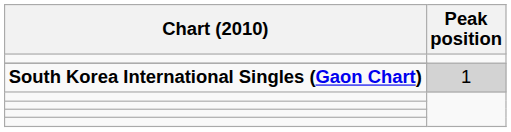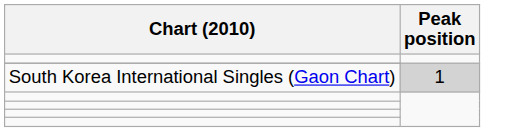 <table class="wikitable sortable">
 <tr>
 <th>Chart (2010)</th>
 <th>Peak<br>position</th>
 </tr>
 <tr>
 <td></td>
 </tr>
 <tr>
 </tr>
 <tr>
 </tr>
 <tr>
-<td><strong>South Korea International Singles (<a href='#'>Gaon Chart</a>)</strong></td>
+<td>South Korea International Singles (<a href='#'>Gaon Chart</a>)</td>
 <td style="background: lightgrey; text-align:center;">1</td>
 </tr>
 <tr>
 <td></td>
 </tr>
 <tr>
 <td></td>
 </tr>
 <tr>
 <td></td>
 </tr>
 <tr>
 <td></td>
 </tr>
 </table>
